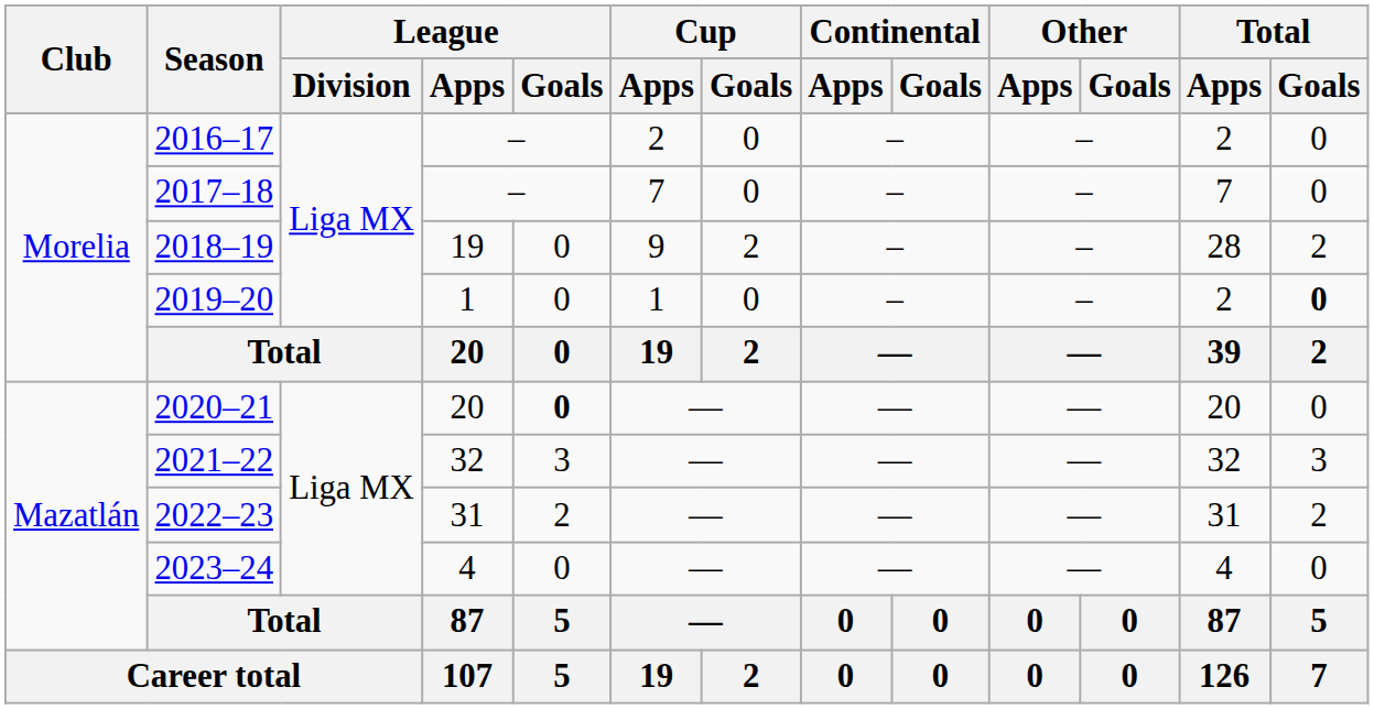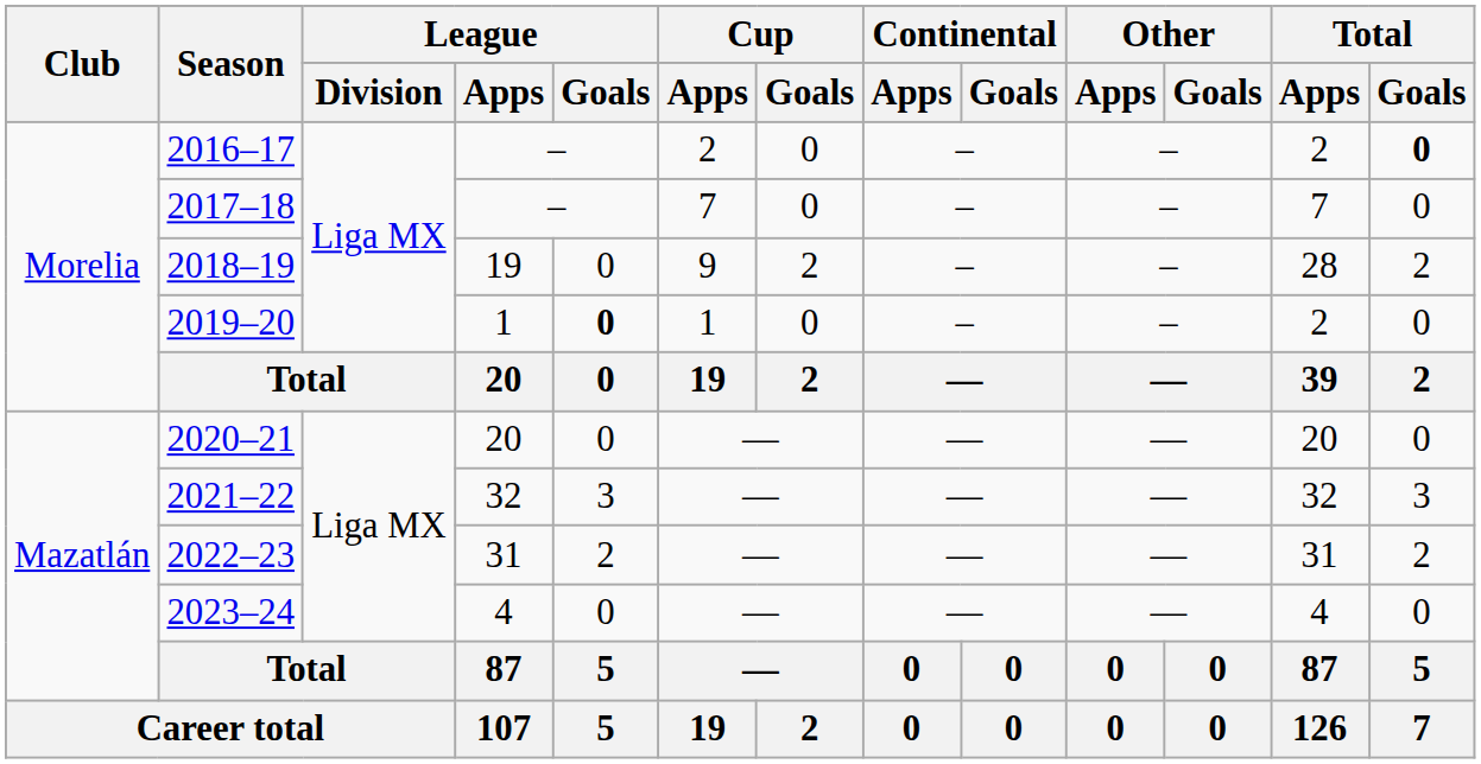 <table class="wikitable" style="text-align: center">
 <tr>
 <th rowspan="2">Club</th>
 <th rowspan="2">Season</th>
 <th colspan="3">League</th>
 <th colspan="2">Cup</th>
 <th colspan="2">Continental</th>
 <th colspan="2">Other</th>
 <th colspan="2">Total</th>
 </tr>
 <tr>
 <th>Division</th>
 <th>Apps</th>
 <th>Goals</th>
 <th>Apps</th>
 <th>Goals</th>
 <th>Apps</th>
 <th>Goals</th>
 <th>Apps</th>
 <th>Goals</th>
 <th>Apps</th>
 <th>Goals</th>
 </tr>
 <tr>
 <td rowspan="5"><a href='#'>Morelia</a></td>
 <td><a href='#'>2016–17</a></td>
 <td rowspan="4"><a href='#'>Liga MX</a></td>
 <td colspan=2>–</td>
 <td>2</td>
 <td>0</td>
 <td colspan="2">–</td>
 <td colspan=2>–</td>
 <td>2</td>
-<td>0</td>
+<td><strong>0</strong></td>
 </tr>
 <tr>
 <td><a href='#'>2017–18</a></td>
 <td colspan=2>–</td>
 <td>7</td>
 <td>0</td>
 <td colspan=2>–</td>
 <td colspan=2>–</td>
 <td>7</td>
 <td>0</td>
 </tr>
 <tr>
 <td><a href='#'>2018–19</a></td>
 <td>19</td>
 <td>0</td>
 <td>9</td>
 <td>2</td>
 <td colspan=2>–</td>
 <td colspan=2>–</td>
 <td>28</td>
 <td>2</td>
 </tr>
 <tr>
 <td><a href='#'>2019–20</a></td>
 <td>1</td>
-<td>0</td>
+<td><strong>0</strong></td>
 <td>1</td>
 <td>0</td>
 <td colspan=2>–</td>
 <td colspan=2>–</td>
 <td>2</td>
-<td><strong>0</strong></td>
+<td>0</td>
 </tr>
 <tr>
 <th colspan="2">Total</th>
 <th>20</th>
 <th>0</th>
 <th>19</th>
 <th>2</th>
 <th colspan=2>—</th>
 <th colspan=2>—</th>
 <th>39</th>
 <th>2</th>
 </tr>
 <tr>
 <td rowspan="5"><a href='#'>Mazatlán</a></td>
 <td><a href='#'>2020–21</a></td>
 <td rowspan="4">Liga MX</td>
 <td>20</td>
-<td><strong>0</strong></td>
+<td>0</td>
 <td colspan=2>—</td>
 <td colspan=2>—</td>
 <td colspan=2>—</td>
 <td>20</td>
 <td>0</td>
 </tr>
 <tr>
 <td><a href='#'>2021–22</a></td>
 <td>32</td>
 <td>3</td>
 <td colspan=2>—</td>
 <td colspan=2>—</td>
 <td colspan=2>—</td>
 <td>32</td>
 <td>3</td>
 </tr>
 <tr>
 <td><a href='#'>2022–23</a></td>
 <td>31</td>
 <td>2</td>
 <td colspan=2>—</td>
 <td colspan=2>—</td>
 <td colspan=2>—</td>
 <td>31</td>
 <td>2</td>
 </tr>
 <tr>
 <td><a href='#'>2023–24</a></td>
 <td>4</td>
 <td>0</td>
 <td colspan=2>—</td>
 <td colspan=2>—</td>
 <td colspan=2>—</td>
 <td>4</td>
 <td>0</td>
 </tr>
 <tr>
 <th colspan="2">Total</th>
 <th>87</th>
 <th>5</th>
 <th colspan=2>—</th>
 <th>0</th>
 <th>0</th>
 <th>0</th>
 <th>0</th>
 <th>87</th>
 <th>5</th>
 </tr>
 <tr>
 <th colspan="3">Career total</th>
 <th>107</th>
 <th>5</th>
 <th>19</th>
 <th>2</th>
 <th>0</th>
 <th>0</th>
 <th>0</th>
 <th>0</th>
 <th>126</th>
 <th>7</th>
 </tr>
 </table>
